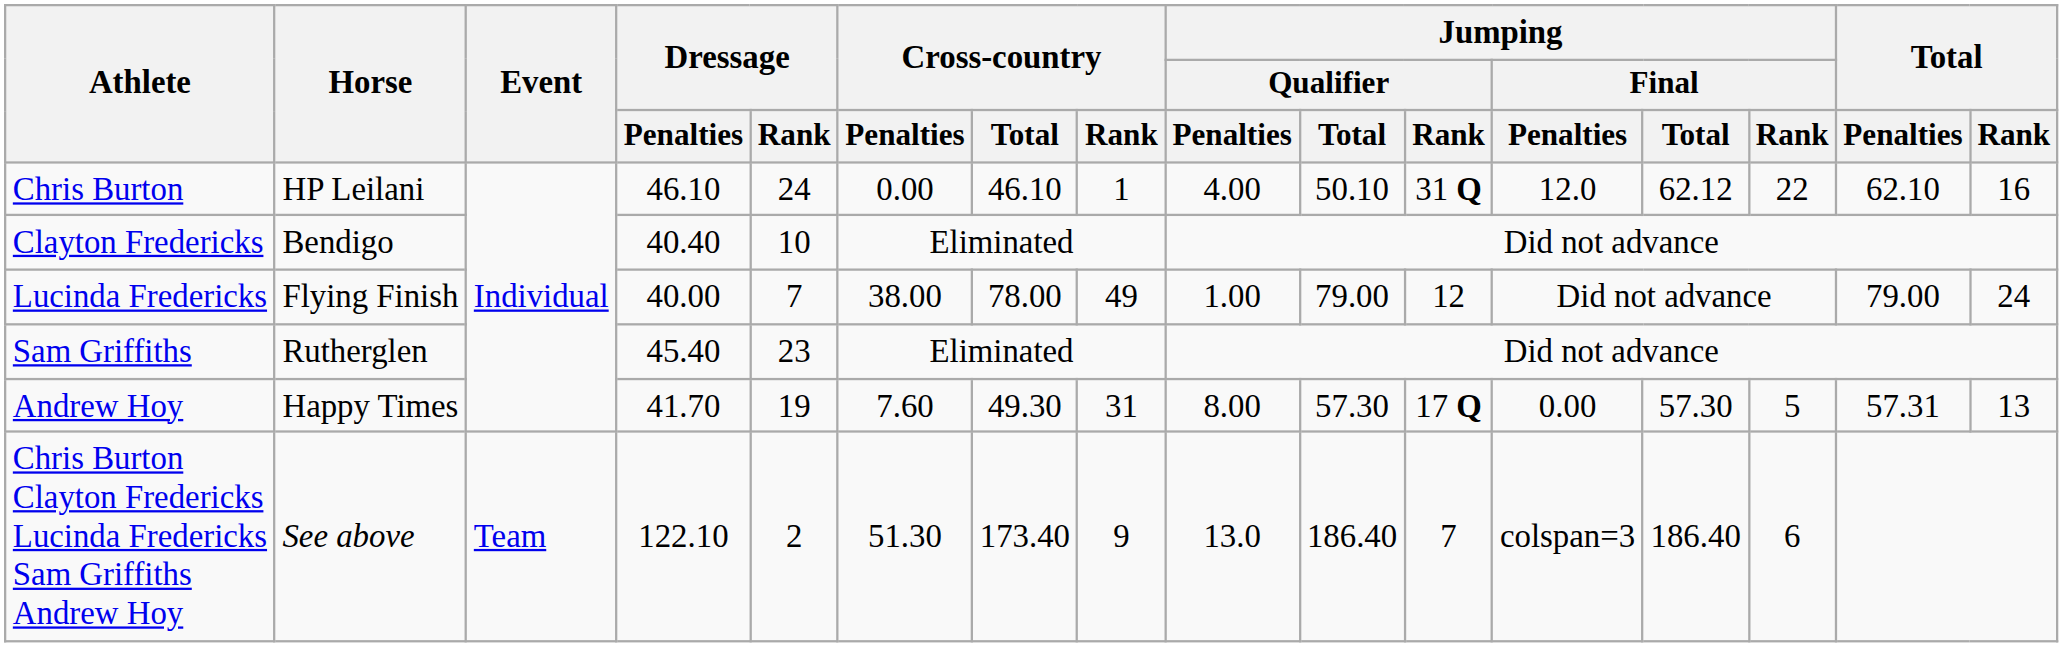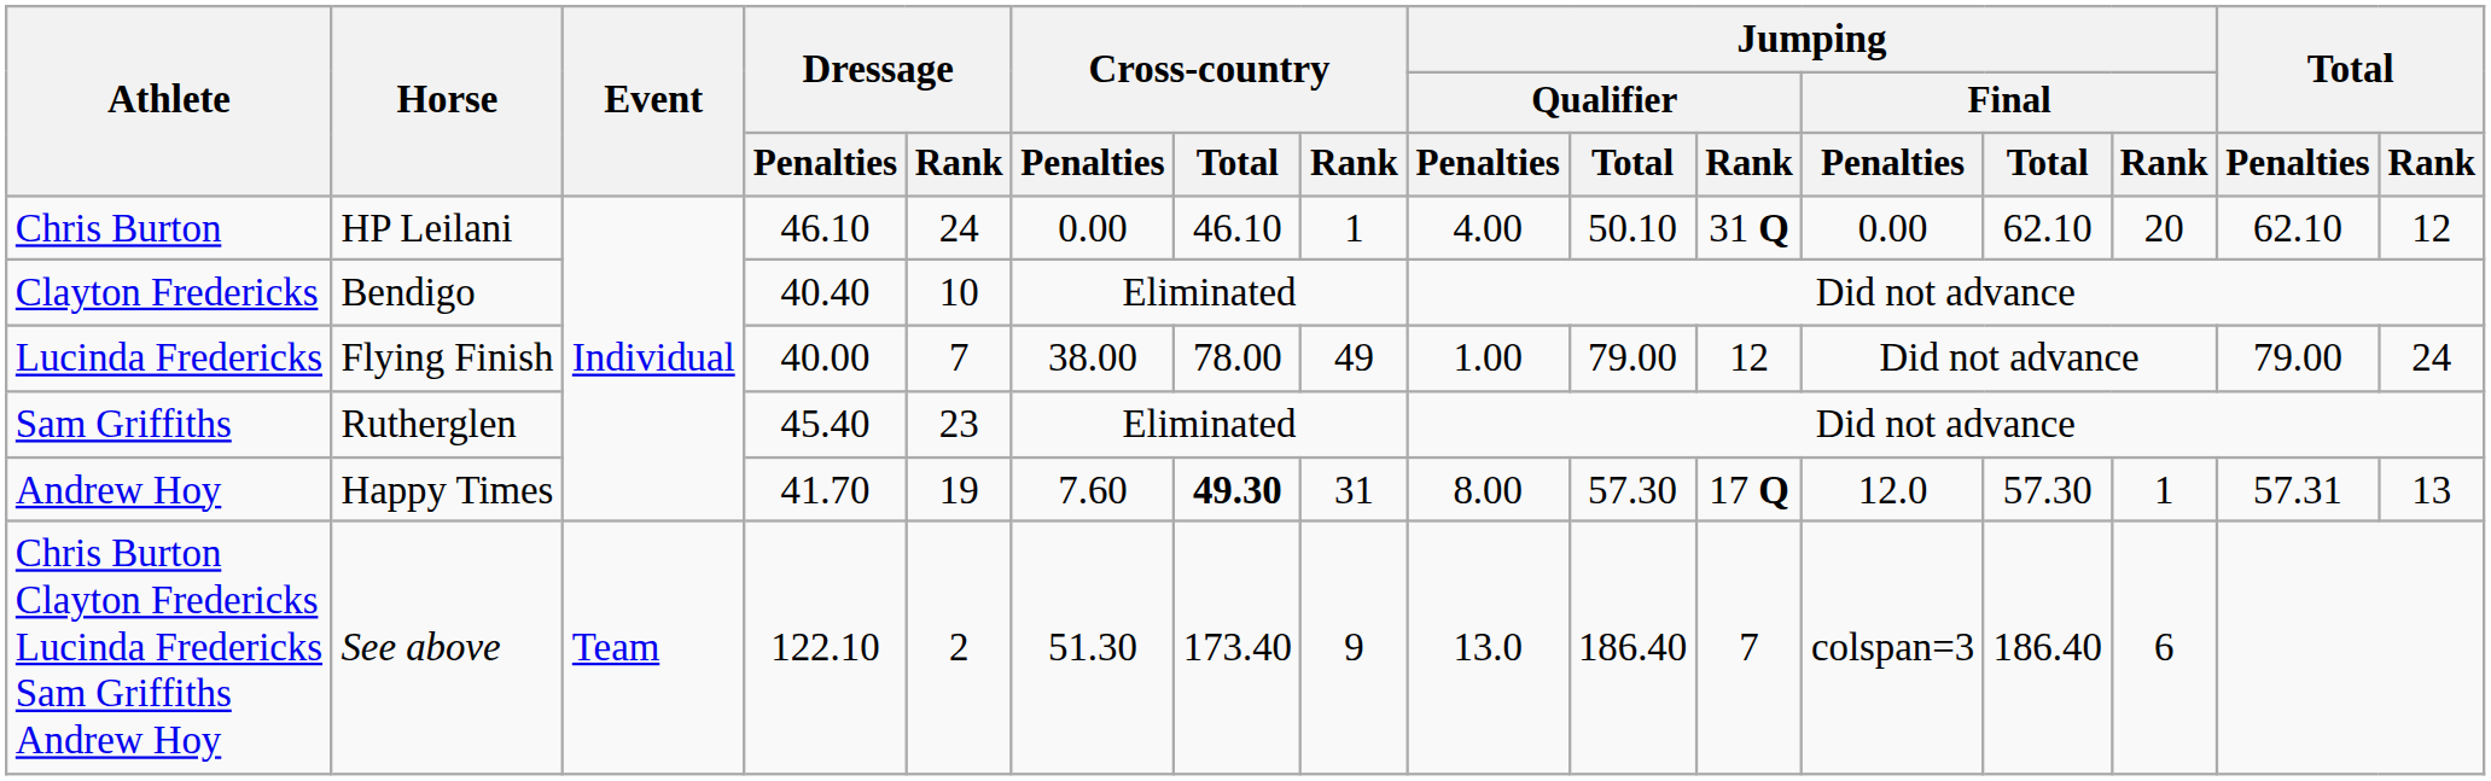 <table class=wikitable style="font-size:90%">
 <tr>
 <th rowspan="3">Athlete</th>
 <th rowspan="3">Horse</th>
 <th rowspan="3">Event</th>
 <th colspan="2" rowspan="2">Dressage</th>
 <th colspan="3" rowspan="2">Cross-country</th>
 <th colspan="6">Jumping</th>
 <th colspan="2" rowspan="2">Total</th>
 </tr>
 <tr style="font-size:95%">
 <th colspan="3">Qualifier</th>
 <th colspan="3">Final</th>
 </tr>
 <tr style="font-size:95%">
 <th>Penalties</th>
 <th>Rank</th>
 <th>Penalties</th>
 <th>Total</th>
 <th>Rank</th>
 <th>Penalties</th>
 <th>Total</th>
 <th>Rank</th>
 <th>Penalties</th>
 <th>Total</th>
 <th>Rank</th>
 <th>Penalties</th>
 <th>Rank</th>
 </tr>
 <tr align=center>
 <td align=left><a href='#'>Chris Burton</a></td>
 <td align=left>HP Leilani</td>
 <td rowspan=5 align=left><a href='#'>Individual</a></td>
 <td>46.10</td>
 <td>24</td>
 <td>0.00</td>
 <td>46.10</td>
 <td>1</td>
 <td>4.00</td>
 <td>50.10</td>
 <td>31 <strong>Q</strong></td>
-<td>12.0</td>
-<td>62.12</td>
-<td>22</td>
+<td>0.00</td>
 <td>62.10</td>
-<td>16</td>
+<td>20</td>
+<td>62.10</td>
+<td>12</td>
 </tr>
 <tr align=center>
 <td align=left><a href='#'>Clayton Fredericks</a></td>
 <td align=left>Bendigo</td>
 <td>40.40</td>
 <td>10</td>
 <td colspan=3>Eliminated</td>
 <td colspan=8>Did not advance</td>
 </tr>
 <tr align=center>
 <td align=left><a href='#'>Lucinda Fredericks</a></td>
 <td align=left>Flying Finish</td>
 <td>40.00</td>
 <td>7</td>
 <td>38.00</td>
 <td>78.00</td>
 <td>49</td>
 <td>1.00</td>
 <td>79.00</td>
 <td>12</td>
 <td colspan=3>Did not advance</td>
 <td>79.00</td>
 <td>24</td>
 </tr>
 <tr align=center>
 <td align=left><a href='#'>Sam Griffiths</a></td>
 <td align=left>Rutherglen</td>
 <td>45.40</td>
 <td>23</td>
 <td colspan=3>Eliminated</td>
 <td colspan=8>Did not advance</td>
 </tr>
 <tr align=center>
 <td align=left><a href='#'>Andrew Hoy</a></td>
 <td align=left>Happy Times</td>
 <td>41.70</td>
 <td>19</td>
 <td>7.60</td>
-<td>49.30</td>
+<td><strong>49.30</strong></td>
 <td>31</td>
 <td>8.00</td>
 <td>57.30</td>
 <td>17 <strong>Q</strong></td>
-<td>0.00</td>
+<td>12.0</td>
 <td>57.30</td>
-<td>5</td>
+<td>1</td>
 <td>57.31</td>
 <td>13</td>
 </tr>
 <tr align=center>
 <td align=left><a href='#'>Chris Burton</a><br> <a href='#'>Clayton Fredericks</a> <br><a href='#'>Lucinda Fredericks</a><br><a href='#'>Sam Griffiths</a><br><a href='#'>Andrew Hoy</a></td>
 <td align=left><em>See above</em></td>
 <td align=left><a href='#'>Team</a></td>
 <td>122.10</td>
 <td>2</td>
 <td>51.30</td>
 <td>173.40</td>
 <td>9</td>
 <td>13.0</td>
 <td>186.40</td>
 <td>7</td>
 <td>colspan=3 </td>
 <td>186.40</td>
 <td>6</td>
 </tr>
 </table>
